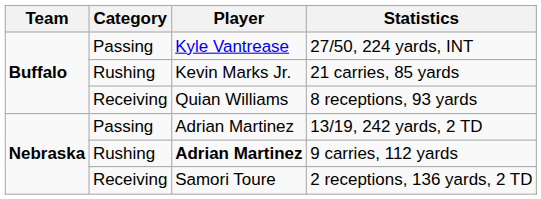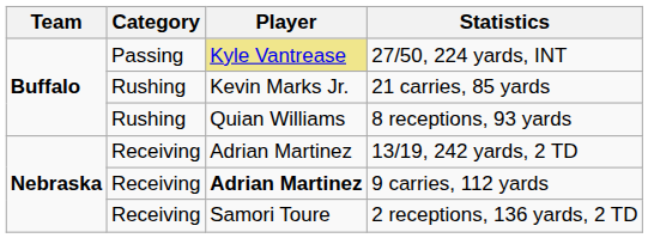 <table class="wikitable" style="float: right;">
 <tr>
 <th>Team</th>
 <th>Category</th>
 <th>Player</th>
 <th>Statistics</th>
 </tr>
 <tr>
 <td rowspan=3><strong>Buffalo</strong></td>
 <td>Passing</td>
-<td><a href='#'>Kyle Vantrease</a></td>
+<td style="background: khaki;"><a href='#'>Kyle Vantrease</a></td>
 <td>27/50, 224 yards, INT</td>
 </tr>
 <tr>
 <td>Rushing</td>
 <td>Kevin Marks Jr.</td>
 <td>21 carries, 85 yards</td>
 </tr>
 <tr>
-<td>Receiving</td>
+<td>Rushing</td>
 <td>Quian Williams</td>
 <td>8 receptions, 93 yards</td>
 </tr>
 <tr>
 <td rowspan=3><strong>Nebraska</strong></td>
-<td>Passing</td>
+<td>Receiving</td>
 <td>Adrian Martinez</td>
 <td>13/19, 242 yards, 2 TD</td>
 </tr>
 <tr>
-<td>Rushing</td>
+<td>Receiving</td>
 <td><strong>Adrian Martinez</strong></td>
 <td>9 carries, 112 yards</td>
 </tr>
 <tr>
 <td>Receiving</td>
 <td>Samori Toure</td>
 <td>2 receptions, 136 yards, 2 TD</td>
 </tr>
 </table>
